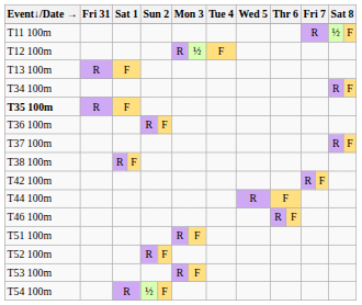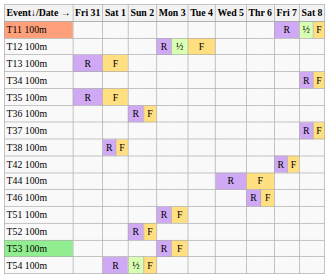 <table class="wikitable" style="margin:0.5em auto; font-size:90%; line-height:1.25em;">
 <tr align="center">
 <th>Event↓/Date →</th>
 <th colspan=2>Fri 31</th>
 <th colspan=2>Sat 1</th>
 <th colspan=2>Sun 2</th>
 <th colspan=2>Mon 3</th>
 <th colspan=2>Tue 4</th>
 <th colspan=2>Wed 5</th>
 <th colspan=2>Thr 6</th>
 <th colspan=2>Fri 7</th>
 <th colspan=2>Sat 8</th>
 </tr>
 <tr>
 </tr>
 <tr align="center">
-<td align="left">T11 100m</td>
+<td align="left" style="background: lightsalmon;">T11 100m</td>
 <td colspan=2></td>
 <td colspan=2></td>
 <td colspan=2></td>
 <td colspan=2></td>
 <td colspan=2></td>
 <td colspan=2></td>
 <td colspan=2></td>
 <td colspan=2 bgcolor="#D0A9F5">R</td>
 <td bgcolor="#D9FFB2">½</td>
 <td bgcolor="#FFDF80">F</td>
 </tr>
 <tr align="center">
 <td align="left">T12 100m</td>
 <td colspan=2></td>
 <td colspan=2></td>
 <td colspan=2></td>
 <td bgcolor="#D0A9F5">R</td>
 <td bgcolor="#D9FFB2">½</td>
 <td colspan=2 bgcolor="#FFDF80">F</td>
 <td colspan=2></td>
 <td colspan=2></td>
 <td colspan=2></td>
 <td colspan=2></td>
 </tr>
 <tr align="center">
 <td align="left">T13 100m</td>
 <td colspan=2 bgcolor="#D0A9F5">R</td>
 <td colspan=2 bgcolor="#FFDF80">F</td>
 <td colspan=2></td>
 <td colspan=2></td>
 <td colspan=2></td>
 <td colspan=2></td>
 <td colspan=2></td>
 <td colspan=2></td>
 <td colspan=2></td>
 </tr>
 <tr align="center">
 <td align="left">T34 100m</td>
 <td colspan=2></td>
 <td colspan=2></td>
 <td colspan=2></td>
 <td colspan=2></td>
 <td colspan=2></td>
 <td colspan=2></td>
 <td colspan=2></td>
 <td colspan=2></td>
 <td bgcolor="#D0A9F5">R</td>
 <td bgcolor="#FFDF80">F</td>
 </tr>
 <tr align="center">
-<td align="left"><strong>T35 100m</strong></td>
+<td align="left">T35 100m</td>
 <td colspan=2 bgcolor="#D0A9F5">R</td>
 <td colspan=2 bgcolor="#FFDF80">F</td>
 <td colspan=2></td>
 <td colspan=2></td>
 <td colspan=2></td>
 <td colspan=2></td>
 <td colspan=2></td>
 <td colspan=2></td>
 <td colspan=2></td>
 </tr>
 <tr align="center">
 <td align="left">T36 100m</td>
 <td colspan=2></td>
 <td colspan=2></td>
 <td bgcolor="#D0A9F5">R</td>
 <td bgcolor="#FFDF80">F</td>
 <td colspan=2></td>
 <td colspan=2></td>
 <td colspan=2></td>
 <td colspan=2></td>
 <td colspan=2></td>
 <td colspan=2></td>
 </tr>
 <tr align="center">
 <td align="left">T37 100m</td>
 <td colspan=2></td>
 <td colspan=2></td>
 <td colspan=2></td>
 <td colspan=2></td>
 <td colspan=2></td>
 <td colspan=2></td>
 <td colspan=2></td>
 <td colspan=2></td>
 <td bgcolor="#D0A9F5">R</td>
 <td bgcolor="#FFDF80">F</td>
 </tr>
 <tr align="center">
 <td align="left">T38 100m</td>
 <td colspan=2></td>
 <td bgcolor="#D0A9F5">R</td>
 <td bgcolor="#FFDF80">F</td>
 <td colspan=2></td>
 <td colspan=2></td>
 <td colspan=2></td>
 <td colspan=2></td>
 <td colspan=2></td>
 <td colspan=2></td>
 <td colspan=2></td>
 </tr>
 <tr align="center">
 <td align="left">T42 100m</td>
 <td colspan=2></td>
 <td colspan=2></td>
 <td colspan=2></td>
 <td colspan=2></td>
 <td colspan=2></td>
 <td colspan=2></td>
 <td colspan=2></td>
 <td bgcolor="#D0A9F5">R</td>
 <td bgcolor="#FFDF80">F</td>
 <td colspan=2></td>
 </tr>
 <tr align="center">
 <td align="left">T44 100m</td>
 <td colspan=2></td>
 <td colspan=2></td>
 <td colspan=2></td>
 <td colspan=2></td>
 <td colspan=2></td>
 <td colspan=2 bgcolor="#D0A9F5">R</td>
 <td colspan=2 bgcolor="#FFDF80">F</td>
 <td colspan=2></td>
 <td colspan=2></td>
 </tr>
 <tr align="center">
 <td align="left">T46 100m</td>
 <td colspan=2></td>
 <td colspan=2></td>
 <td colspan=2></td>
 <td colspan=2></td>
 <td colspan=2></td>
 <td colspan=2></td>
 <td bgcolor="#D0A9F5">R</td>
 <td bgcolor="#FFDF80">F</td>
 <td colspan=2></td>
 <td colspan=2></td>
 </tr>
 <tr align="center">
 <td align="left">T51 100m</td>
 <td colspan=2></td>
 <td colspan=2></td>
 <td colspan=2></td>
 <td bgcolor="#D0A9F5">R</td>
 <td bgcolor="#FFDF80">F</td>
 <td colspan=2></td>
 <td colspan=2></td>
 <td colspan=2></td>
 <td colspan=2></td>
 <td colspan=2></td>
 </tr>
 <tr align="center">
 <td align="left">T52 100m</td>
 <td colspan=2></td>
 <td colspan=2></td>
 <td bgcolor="#D0A9F5">R</td>
 <td bgcolor="#FFDF80">F</td>
 <td colspan=2></td>
 <td colspan=2></td>
 <td colspan=2></td>
 <td colspan=2></td>
 <td colspan=2></td>
 <td colspan=2></td>
 </tr>
 <tr align="center">
-<td align="left">T53 100m</td>
+<td align="left" style="background: lightgreen;">T53 100m</td>
 <td colspan=2></td>
 <td colspan=2></td>
 <td colspan=2></td>
 <td bgcolor="#D0A9F5">R</td>
 <td bgcolor="#FFDF80">F</td>
 <td colspan=2></td>
 <td colspan=2></td>
 <td colspan=2></td>
 <td colspan=2></td>
 <td colspan=2></td>
 </tr>
 <tr align="center">
 <td align="left">T54 100m</td>
 <td colspan=2></td>
 <td colspan=2 bgcolor="#D0A9F5">R</td>
 <td bgcolor="#D9FFB2">½</td>
 <td bgcolor="#FFDF80">F</td>
 <td colspan=2></td>
 <td colspan=2></td>
 <td colspan=2></td>
 <td colspan=2></td>
 <td colspan=2></td>
 <td colspan=2></td>
 </tr>
 </table>
